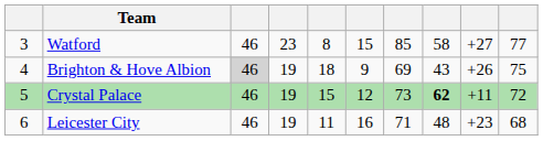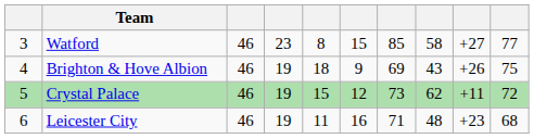 <table class="wikitable" style="text-align:center">
 <tr>
 <th width="30"></th>
 <th width="175">Team</th>
 <th width="30"></th>
 <th width="30"></th>
 <th width="30"></th>
 <th width="30"></th>
 <th width="30"></th>
 <th width="30"></th>
 <th width="30"></th>
 <th width="30"></th>
 </tr>
 <tr>
 <td>3</td>
 <td align=left><a href='#'>Watford</a></td>
 <td>46</td>
 <td>23</td>
 <td>8</td>
 <td>15</td>
 <td>85</td>
 <td>58</td>
 <td>+27</td>
 <td>77</td>
 </tr>
 <tr>
 <td>4</td>
 <td align=left><a href='#'>Brighton & Hove Albion</a></td>
-<td style="background: lightgrey;">46</td>
+<td>46</td>
 <td>19</td>
 <td>18</td>
 <td>9</td>
 <td>69</td>
 <td>43</td>
 <td>+26</td>
 <td>75</td>
 </tr>
 <tr style="background:#addfad;">
 <td>5</td>
 <td align=left><a href='#'>Crystal Palace</a></td>
 <td>46</td>
 <td>19</td>
 <td>15</td>
 <td>12</td>
 <td>73</td>
-<td><strong>62</strong></td>
+<td>62</td>
 <td>+11</td>
 <td>72</td>
 </tr>
 <tr>
 <td>6</td>
 <td align=left><a href='#'>Leicester City</a></td>
 <td>46</td>
 <td>19</td>
 <td>11</td>
 <td>16</td>
 <td>71</td>
 <td>48</td>
 <td>+23</td>
 <td>68</td>
 </tr>
 </table>
